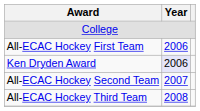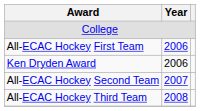 <table class="wikitable">
 <tr>
 <th>Award</th>
 <th>Year</th>
 <th></th>
 </tr>
 <tr ALIGN="center" bgcolor="#e0e0e0">
 <td colspan="3"><a href='#'>College</a></td>
 </tr>
 <tr>
 <td>All-<a href='#'>ECAC Hockey</a> <a href='#'>First Team</a></td>
 <td><a href='#'>2006</a></td>
 <td></td>
 </tr>
 <tr>
 <td><a href='#'>Ken Dryden Award</a></td>
-<td style="background: lavender;">2006</td>
+<td>2006</td>
 <td></td>
 </tr>
 <tr>
 <td>All-<a href='#'>ECAC Hockey</a> <a href='#'>Second Team</a></td>
 <td><a href='#'>2007</a></td>
 <td></td>
 </tr>
 <tr>
 <td>All-<a href='#'>ECAC Hockey</a> <a href='#'>Third Team</a></td>
 <td><a href='#'>2008</a></td>
 <td></td>
 </tr>
 <tr>
 </tr>
 </table>
